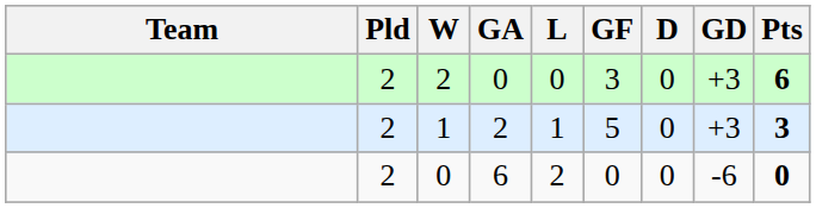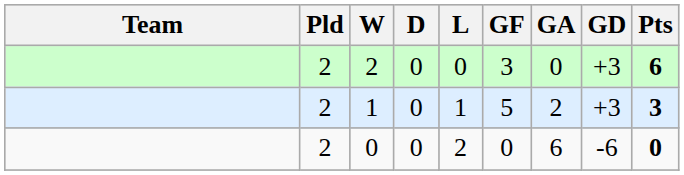 <table class="wikitable" style="text-align:center;">
 <tr>
 <th width=175>Team</th>
 <th width=20 abbr="Played">Pld</th>
 <th width=20 abbr="Won">W</th>
-<th width=20 abbr="Goals against">GA</th>
+<th width=20 abbr="Drawn">D</th>
 <th width=20 abbr="Lost">L</th>
 <th width=20 abbr="Goals for">GF</th>
-<th width=20 abbr="Drawn">D</th>
+<th width=20 abbr="Goals against">GA</th>
 <th width=20 abbr="Goal difference">GD</th>
 <th width=20 abbr="Points">Pts</th>
 </tr>
 <tr bgcolor=#ccffcc>
 <td align=left></td>
 <td>2</td>
 <td>2</td>
 <td>0</td>
 <td>0</td>
 <td>3</td>
 <td>0</td>
 <td>+3</td>
 <td><strong>6</strong></td>
 </tr>
 <tr bgcolor=#ddeeff>
 <td align=left></td>
 <td>2</td>
 <td>1</td>
-<td>2</td>
+<td>0</td>
 <td>1</td>
 <td>5</td>
-<td>0</td>
+<td>2</td>
 <td>+3</td>
 <td><strong>3</strong></td>
 </tr>
 <tr>
 <td align=left></td>
 <td>2</td>
 <td>0</td>
-<td>6</td>
+<td>0</td>
 <td>2</td>
 <td>0</td>
-<td>0</td>
+<td>6</td>
 <td>-6</td>
 <td><strong>0</strong></td>
 </tr>
 </table>
